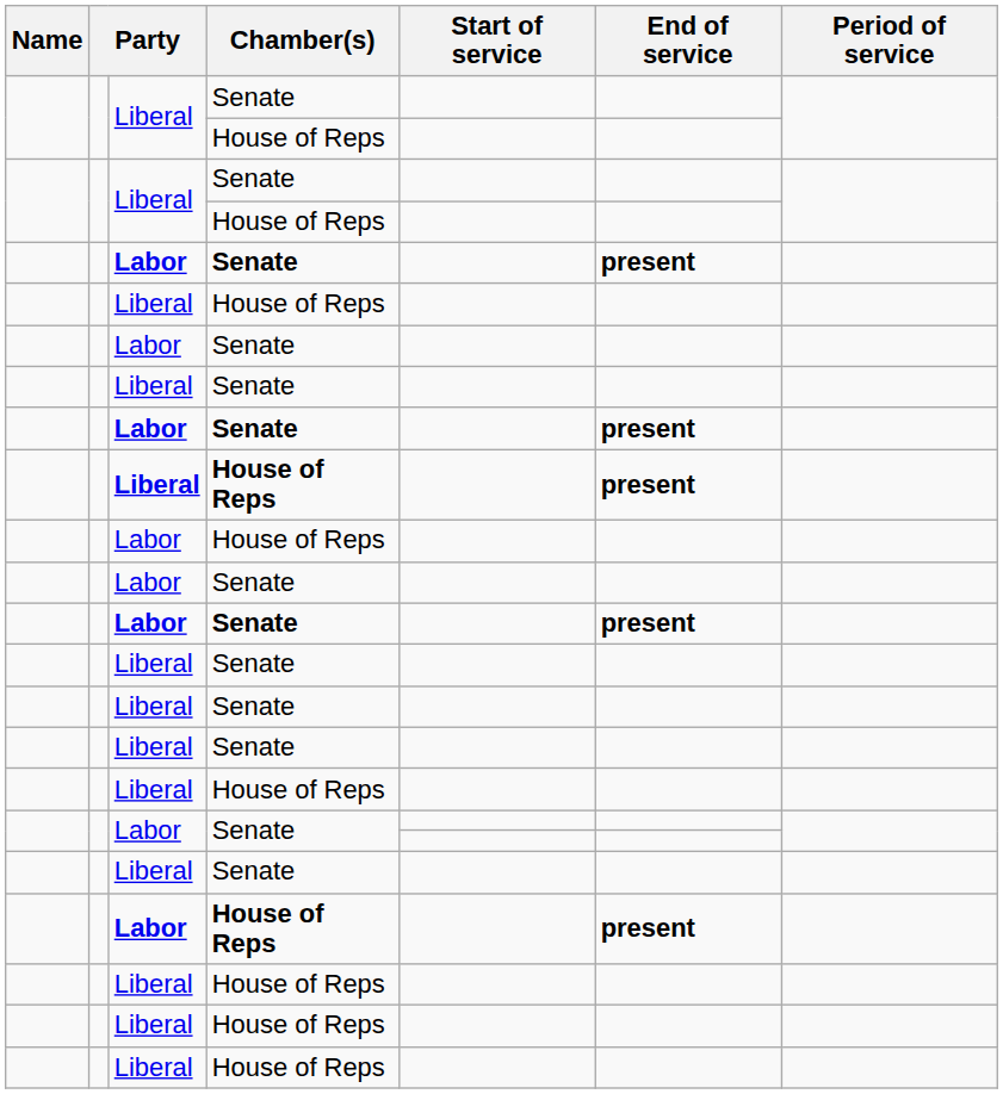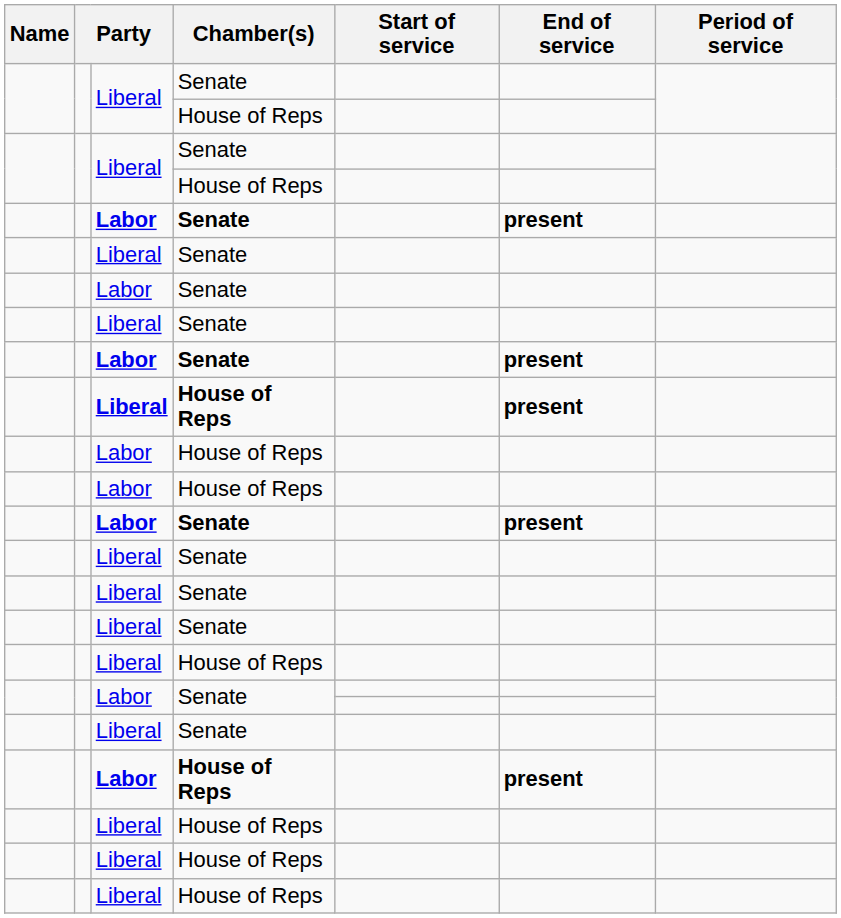 <table class="wikitable sortable" style="text-align: left">
 <tr>
 <th>Name</th>
 <th colspan=2>Party</th>
 <th>Chamber(s)</th>
 <th>Start of service</th>
 <th>End of service</th>
 <th>Period of service</th>
 </tr>
 <tr>
 <td rowspan=2></td>
 <td rowspan=2 > </td>
 <td rowspan=2><a href='#'>Liberal</a></td>
 <td>Senate</td>
 <td></td>
 <td></td>
 <td rowspan=2> </td>
 </tr>
 <tr>
 <td>House of Reps</td>
 <td></td>
 <td></td>
 </tr>
 <tr>
 <td rowspan=2></td>
 <td rowspan=2 > </td>
 <td rowspan=2><a href='#'>Liberal</a></td>
 <td>Senate</td>
 <td></td>
 <td></td>
 <td rowspan=2> </td>
 </tr>
 <tr>
 <td>House of Reps</td>
 <td></td>
 <td></td>
 </tr>
 <tr>
 <td><strong></strong></td>
 <td> </td>
 <td><strong><a href='#'>Labor</a></strong></td>
 <td><strong>Senate</strong></td>
 <td><strong></strong></td>
 <td><strong>present</strong></td>
 <td><strong></strong></td>
 </tr>
 <tr>
 <td></td>
 <td> </td>
 <td><a href='#'>Liberal</a></td>
-<td>House of Reps</td>
+<td>Senate</td>
 <td></td>
 <td></td>
 <td></td>
 </tr>
 <tr>
 <td></td>
 <td> </td>
 <td><a href='#'>Labor</a></td>
 <td>Senate</td>
 <td></td>
 <td></td>
 <td></td>
 </tr>
 <tr>
 <td></td>
 <td> </td>
 <td><a href='#'>Liberal</a></td>
 <td>Senate</td>
 <td></td>
 <td></td>
 <td></td>
 </tr>
 <tr>
 <td><strong></strong></td>
 <td> </td>
 <td><strong><a href='#'>Labor</a></strong></td>
 <td><strong>Senate</strong></td>
 <td><strong></strong></td>
 <td><strong>present</strong></td>
 <td><strong></strong></td>
 </tr>
 <tr>
 <td><strong></strong></td>
 <td> </td>
 <td><strong><a href='#'>Liberal</a></strong></td>
 <td><strong>House of Reps</strong></td>
 <td><strong></strong></td>
 <td><strong>present</strong></td>
 <td><strong></strong></td>
 </tr>
 <tr>
 <td></td>
 <td> </td>
 <td><a href='#'>Labor</a></td>
 <td>House of Reps</td>
 <td></td>
 <td></td>
 <td></td>
 </tr>
 <tr>
 <td></td>
 <td> </td>
 <td><a href='#'>Labor</a></td>
-<td>Senate</td>
+<td>House of Reps</td>
 <td></td>
 <td></td>
 <td></td>
 </tr>
 <tr>
 <td><strong></strong></td>
 <td> </td>
 <td><strong><a href='#'>Labor</a></strong></td>
 <td><strong>Senate</strong></td>
 <td><strong></strong></td>
 <td><strong>present</strong></td>
 <td><strong></strong></td>
 </tr>
 <tr>
 <td></td>
 <td> </td>
 <td><a href='#'>Liberal</a></td>
 <td>Senate</td>
 <td></td>
 <td></td>
 <td></td>
 </tr>
 <tr>
 <td></td>
 <td> </td>
 <td><a href='#'>Liberal</a></td>
 <td>Senate</td>
 <td></td>
 <td></td>
 <td></td>
 </tr>
 <tr>
 <td></td>
 <td> </td>
 <td><a href='#'>Liberal</a></td>
 <td>Senate</td>
 <td></td>
 <td></td>
 <td></td>
 </tr>
 <tr>
 <td></td>
 <td> </td>
 <td><a href='#'>Liberal</a></td>
 <td>House of Reps</td>
 <td></td>
 <td></td>
 <td></td>
 </tr>
 <tr>
 <td rowspan=2></td>
 <td rowspan=2 > </td>
 <td rowspan=2><a href='#'>Labor</a></td>
 <td rowspan=2>Senate</td>
 <td></td>
 <td></td>
 <td rowspan=2> </td>
 </tr>
 <tr>
 <td></td>
 <td></td>
 </tr>
 <tr>
 <td></td>
 <td> </td>
 <td><a href='#'>Liberal</a></td>
 <td>Senate</td>
 <td></td>
 <td></td>
 <td></td>
 </tr>
 <tr>
 <td><strong></strong></td>
 <td> </td>
 <td><strong><a href='#'>Labor</a></strong></td>
 <td><strong>House of Reps</strong></td>
 <td><strong></strong></td>
 <td><strong>present</strong></td>
 <td><strong></strong></td>
 </tr>
 <tr>
 <td></td>
 <td> </td>
 <td><a href='#'>Liberal</a></td>
 <td>House of Reps</td>
 <td></td>
 <td></td>
 <td></td>
 </tr>
 <tr>
 <td></td>
 <td> </td>
 <td><a href='#'>Liberal</a></td>
 <td>House of Reps</td>
 <td></td>
 <td></td>
 <td></td>
 </tr>
 <tr>
 <td></td>
 <td> </td>
 <td><a href='#'>Liberal</a></td>
 <td>House of Reps</td>
 <td></td>
 <td></td>
 <td></td>
 </tr>
 </table>
